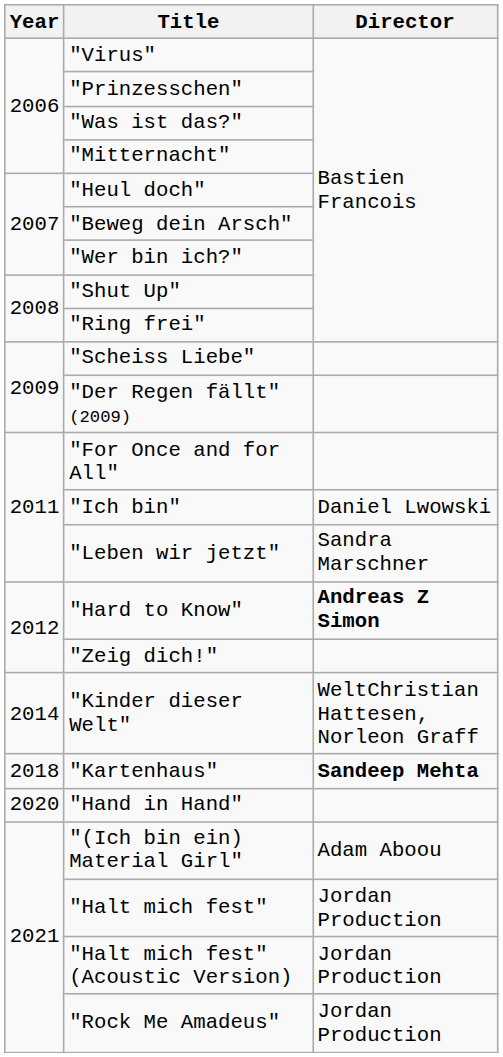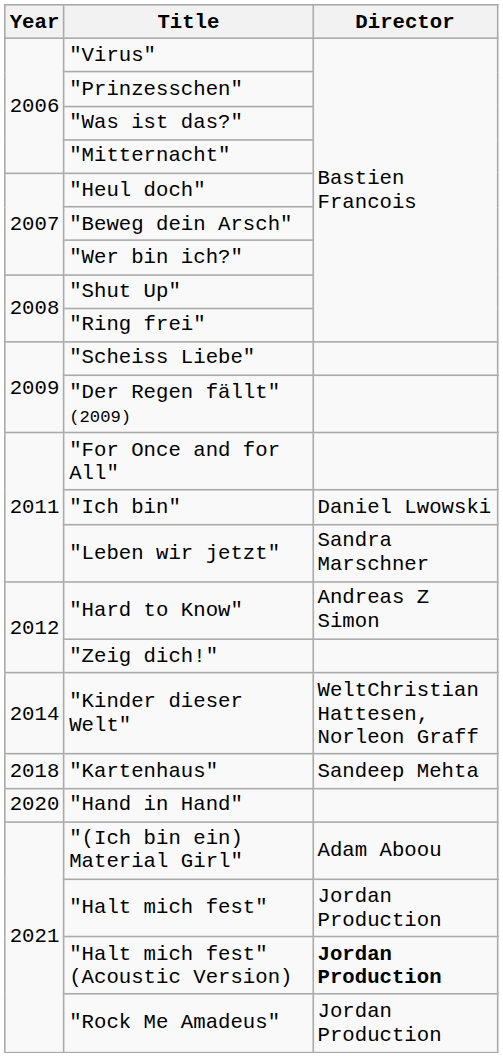 <table class="wikitable" border="1">
 <tr>
 <th>Year</th>
 <th width="150">Title</th>
 <th width="110">Director</th>
 </tr>
 <tr>
 <td rowspan="4">2006</td>
 <td>"Virus"</td>
 <td rowspan="9">Bastien Francois</td>
 </tr>
 <tr>
 <td>"Prinzesschen"</td>
 </tr>
 <tr>
 <td>"Was ist das?"</td>
 </tr>
 <tr>
 <td>"Mitternacht"</td>
 </tr>
 <tr>
 <td rowspan="3">2007</td>
 <td>"Heul doch"</td>
 </tr>
 <tr>
 <td>"Beweg dein Arsch"</td>
 </tr>
 <tr>
 <td>"Wer bin ich?"</td>
 </tr>
 <tr>
 <td rowspan="2">2008</td>
 <td>"Shut Up"</td>
 </tr>
 <tr>
 <td>"Ring frei"</td>
 </tr>
 <tr>
 <td rowspan="2">2009</td>
 <td>"Scheiss Liebe"</td>
 <td></td>
 </tr>
 <tr>
 <td>"Der Regen fällt" <small>(2009)</small></td>
 <td></td>
 </tr>
 <tr>
 <td rowspan="3">2011</td>
 <td>"For Once and for All"</td>
 <td></td>
 </tr>
 <tr>
 <td>"Ich bin"</td>
 <td>Daniel Lwowski</td>
 </tr>
 <tr>
 <td>"Leben wir jetzt"</td>
 <td>Sandra Marschner</td>
 </tr>
 <tr>
 <td rowspan="2">2012</td>
 <td>"Hard to Know"</td>
-<td><strong>Andreas Z Simon</strong></td>
+<td>Andreas Z Simon</td>
 </tr>
 <tr>
 <td>"Zeig dich!"</td>
 <td></td>
 </tr>
 <tr>
 <td rowspan="1">2014</td>
 <td>"Kinder dieser Welt"</td>
 <td>WeltChristian Hattesen, Norleon Graff</td>
 </tr>
 <tr>
 <td rowspan="1">2018</td>
 <td>"Kartenhaus"</td>
-<td><strong>Sandeep Mehta</strong></td>
+<td>Sandeep Mehta</td>
 </tr>
 <tr>
 <td rowspan="1">2020</td>
 <td>"Hand in Hand"</td>
 <td></td>
 </tr>
 <tr>
 <td rowspan="4">2021</td>
 <td>"(Ich bin ein) Material Girl"</td>
 <td>Adam Aboou</td>
 </tr>
 <tr>
 <td>"Halt mich fest"</td>
 <td>Jordan Production</td>
 </tr>
 <tr>
 <td>"Halt mich fest" (Acoustic Version)</td>
-<td>Jordan Production</td>
+<td><strong>Jordan Production</strong></td>
 </tr>
 <tr>
 <td>"Rock Me Amadeus"</td>
 <td>Jordan Production</td>
 </tr>
 </table>
